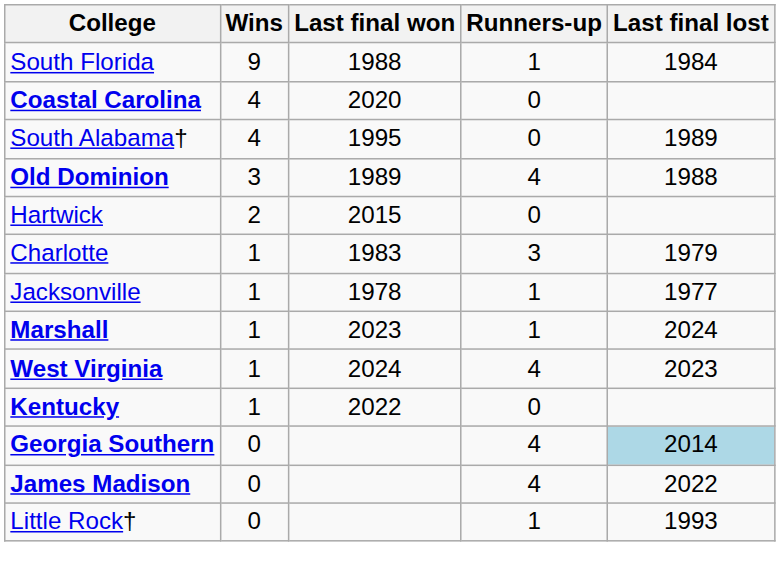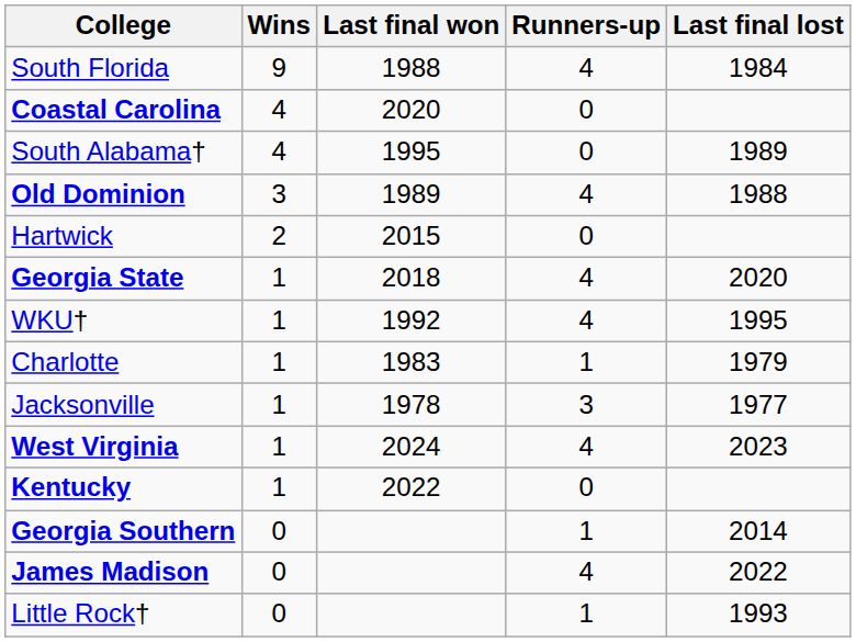 <table class="wikitable sortable" style="text-align: center;">
 <tr>
 <th width=px>College</th>
 <th width=px>Wins</th>
 <th width=px>Last final won</th>
 <th width=px>Runners-up</th>
 <th width=px>Last final lost</th>
 </tr>
 <tr>
 <td align=left><a href='#'>South Florida</a></td>
 <td>9</td>
 <td>1988</td>
-<td>1</td>
+<td>4</td>
 <td>1984</td>
 </tr>
 <tr>
 <td align=left><strong><a href='#'>Coastal Carolina</a></strong></td>
 <td>4</td>
 <td>2020</td>
 <td>0</td>
 <td></td>
 </tr>
 <tr>
 <td align=left><a href='#'>South Alabama</a>†</td>
 <td>4</td>
 <td>1995</td>
 <td>0</td>
 <td>1989</td>
 </tr>
 <tr>
 <td align=left><strong><a href='#'>Old Dominion</a></strong></td>
 <td>3</td>
 <td>1989</td>
 <td>4</td>
 <td>1988</td>
 </tr>
 <tr>
 <td align=left><a href='#'>Hartwick</a></td>
 <td>2</td>
 <td>2015</td>
 <td>0</td>
 <td></td>
 </tr>
 <tr>
+<td align=left><strong><a href='#'>Georgia State</a></strong></td>
+<td>1</td>
+<td>2018</td>
+<td>4</td>
+<td>2020</td>
+</tr>
+<tr>
+<td align=left><a href='#'>WKU</a>†</td>
+<td>1</td>
+<td>1992</td>
+<td>4</td>
+<td>1995</td>
+</tr>
+<tr>
 <td align=left><a href='#'>Charlotte</a></td>
 <td>1</td>
 <td>1983</td>
-<td>3</td>
+<td>1</td>
 <td>1979</td>
 </tr>
 <tr>
 <td align=left><a href='#'>Jacksonville</a></td>
 <td>1</td>
 <td>1978</td>
-<td>1</td>
+<td>3</td>
 <td>1977</td>
-</tr>
-<tr>
-<td align=left><strong><a href='#'>Marshall</a></strong></td>
-<td>1</td>
-<td>2023</td>
-<td>1</td>
-<td>2024</td>
 </tr>
 <tr>
 <td align=left><strong><a href='#'>West Virginia</a></strong></td>
 <td>1</td>
 <td>2024</td>
 <td>4</td>
 <td>2023</td>
 </tr>
 <tr>
 <td align=left><strong><a href='#'>Kentucky</a></strong></td>
 <td>1</td>
 <td>2022</td>
 <td>0</td>
 <td></td>
 </tr>
 <tr>
 <td align=left><strong><a href='#'>Georgia Southern</a></strong></td>
 <td>0</td>
 <td></td>
-<td>4</td>
-<td style="background: lightblue;">2014</td>
+<td>1</td>
+<td>2014</td>
 </tr>
 <tr>
 <td align=left><strong><a href='#'>James Madison</a></strong></td>
 <td>0</td>
 <td></td>
 <td>4</td>
 <td>2022</td>
 </tr>
 <tr>
 <td align=left><a href='#'>Little Rock</a>†</td>
 <td>0</td>
 <td></td>
 <td>1</td>
 <td>1993</td>
 </tr>
 </table>
